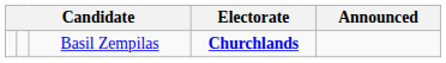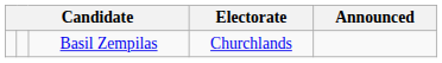 <table class="wikitable" style="text-align:center">
 <tr>
 <th width=175px; colspan=3>Candidate</th>
 <th width=115px>Electorate</th>
 <th width=115px>Announced</th>
 </tr>
 <tr>
 <td width="3pt" > </td>
 <td></td>
 <td><a href='#'>Basil Zempilas</a></td>
-<td><strong><a href='#'>Churchlands</a></strong></td>
+<td><a href='#'>Churchlands</a></td>
 <td></td>
 </tr>
 </table>
